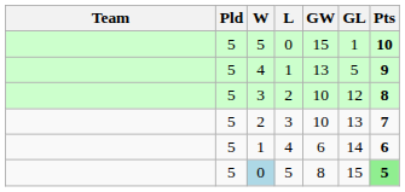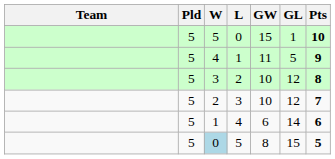 <table class="wikitable" style="text-align:center">
 <tr>
 <th width=200>Team</th>
 <th width=20>Pld</th>
 <th width=20>W</th>
 <th width=20>L</th>
 <th width=20>GW</th>
 <th width=20>GL</th>
 <th width=20>Pts</th>
 </tr>
 <tr bgcolor=ccffcc>
 <td style="text-align:left;"></td>
 <td>5</td>
 <td>5</td>
 <td>0</td>
 <td>15</td>
 <td>1</td>
 <td><strong>10</strong></td>
 </tr>
 <tr bgcolor=ccffcc>
 <td style="text-align:left;"></td>
 <td>5</td>
 <td>4</td>
 <td>1</td>
-<td>13</td>
+<td>11</td>
 <td>5</td>
 <td><strong>9</strong></td>
 </tr>
 <tr bgcolor=ccffcc>
 <td style="text-align:left;"></td>
 <td>5</td>
 <td>3</td>
 <td>2</td>
 <td>10</td>
 <td>12</td>
 <td><strong>8</strong></td>
 </tr>
 <tr>
 <td style="text-align:left;"></td>
 <td>5</td>
 <td>2</td>
 <td>3</td>
 <td>10</td>
-<td>13</td>
+<td>12</td>
 <td><strong>7</strong></td>
 </tr>
 <tr>
 <td style="text-align:left;"></td>
 <td>5</td>
 <td>1</td>
 <td>4</td>
 <td>6</td>
 <td>14</td>
 <td><strong>6</strong></td>
 </tr>
 <tr>
 <td style="text-align:left;"></td>
 <td>5</td>
 <td style="background: lightblue;">0</td>
 <td>5</td>
 <td>8</td>
 <td>15</td>
-<td style="background: lightgreen;"><strong>5</strong></td>
+<td><strong>5</strong></td>
 </tr>
 </table>
